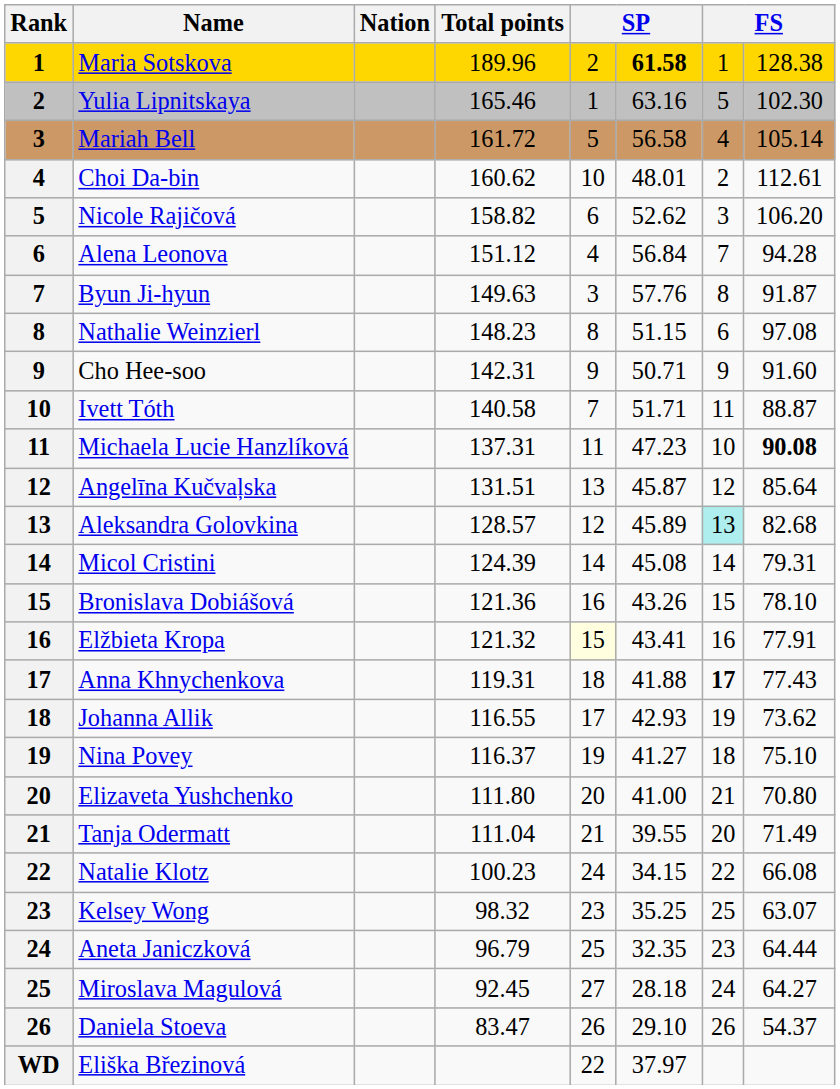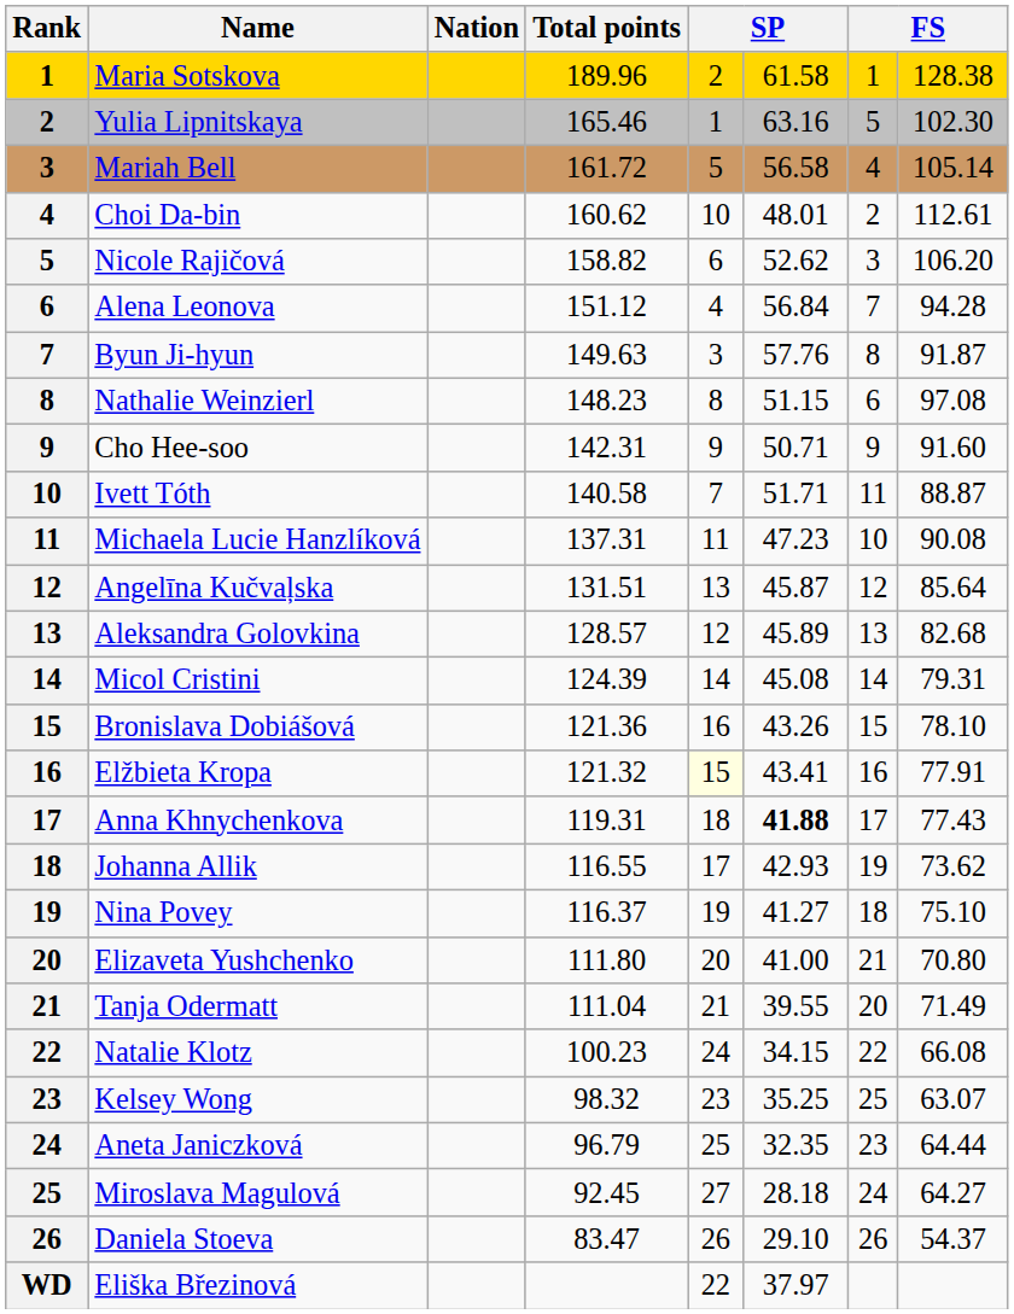 <table class="wikitable sortable">
 <tr>
 <th>Rank</th>
 <th>Name</th>
 <th>Nation</th>
 <th>Total points</th>
 <th colspan="2" width="80px"><a href='#'>SP</a></th>
 <th colspan="2" width="80px"><a href='#'>FS</a></th>
 </tr>
 <tr bgcolor="gold">
 <td align="center"><strong>1</strong></td>
 <td><a href='#'>Maria Sotskova</a></td>
 <td></td>
 <td align="center">189.96</td>
 <td align="center">2</td>
-<td align="center"><strong>61.58</strong></td>
+<td align="center">61.58</td>
 <td align="center">1</td>
 <td align="center">128.38</td>
 </tr>
 <tr bgcolor="silver">
 <td align="center"><strong>2</strong></td>
 <td><a href='#'>Yulia Lipnitskaya</a></td>
 <td></td>
 <td align="center">165.46</td>
 <td align="center">1</td>
 <td align="center">63.16</td>
 <td align="center">5</td>
 <td align="center">102.30</td>
 </tr>
 <tr bgcolor="cc9966">
 <td align="center"><strong>3</strong></td>
 <td><a href='#'>Mariah Bell</a></td>
 <td></td>
 <td align="center">161.72</td>
 <td align="center">5</td>
 <td align="center">56.58</td>
 <td align="center">4</td>
 <td align="center">105.14</td>
 </tr>
 <tr>
 <th>4</th>
 <td><a href='#'>Choi Da-bin</a></td>
 <td></td>
 <td align="center">160.62</td>
 <td align="center">10</td>
 <td align="center">48.01</td>
 <td align="center">2</td>
 <td align="center">112.61</td>
 </tr>
 <tr>
 <th>5</th>
 <td><a href='#'>Nicole Rajičová</a></td>
 <td></td>
 <td align="center">158.82</td>
 <td align="center">6</td>
 <td align="center">52.62</td>
 <td align="center">3</td>
 <td align="center">106.20</td>
 </tr>
 <tr>
 <th>6</th>
 <td><a href='#'>Alena Leonova</a></td>
 <td></td>
 <td align="center">151.12</td>
 <td align="center">4</td>
 <td align="center">56.84</td>
 <td align="center">7</td>
 <td align="center">94.28</td>
 </tr>
 <tr>
 <th>7</th>
 <td><a href='#'>Byun Ji-hyun</a></td>
 <td></td>
 <td align="center">149.63</td>
 <td align="center">3</td>
 <td align="center">57.76</td>
 <td align="center">8</td>
 <td align="center">91.87</td>
 </tr>
 <tr>
 <th>8</th>
 <td><a href='#'>Nathalie Weinzierl</a></td>
 <td></td>
 <td align="center">148.23</td>
 <td align="center">8</td>
 <td align="center">51.15</td>
 <td align="center">6</td>
 <td align="center">97.08</td>
 </tr>
 <tr>
 <th>9</th>
 <td>Cho Hee-soo</td>
 <td></td>
 <td align="center">142.31</td>
 <td align="center">9</td>
 <td align="center">50.71</td>
 <td align="center">9</td>
 <td align="center">91.60</td>
 </tr>
 <tr>
 <th>10</th>
 <td><a href='#'>Ivett Tóth</a></td>
 <td></td>
 <td align="center">140.58</td>
 <td align="center">7</td>
 <td align="center">51.71</td>
 <td align="center">11</td>
 <td align="center">88.87</td>
 </tr>
 <tr>
 <th>11</th>
 <td><a href='#'>Michaela Lucie Hanzlíková</a></td>
 <td></td>
 <td align="center">137.31</td>
 <td align="center">11</td>
 <td align="center">47.23</td>
 <td align="center">10</td>
-<td align="center"><strong>90.08</strong></td>
+<td align="center">90.08</td>
 </tr>
 <tr>
 <th>12</th>
 <td><a href='#'>Angelīna Kučvaļska</a></td>
 <td></td>
 <td align="center">131.51</td>
 <td align="center">13</td>
 <td align="center">45.87</td>
 <td align="center">12</td>
 <td align="center">85.64</td>
 </tr>
 <tr>
 <th>13</th>
 <td><a href='#'>Aleksandra Golovkina</a></td>
 <td></td>
 <td align="center">128.57</td>
 <td align="center">12</td>
 <td align="center">45.89</td>
-<td align="center" style="background: paleturquoise;">13</td>
+<td align="center">13</td>
 <td align="center">82.68</td>
 </tr>
 <tr>
 <th>14</th>
 <td><a href='#'>Micol Cristini</a></td>
 <td></td>
 <td align="center">124.39</td>
 <td align="center">14</td>
 <td align="center">45.08</td>
 <td align="center">14</td>
 <td align="center">79.31</td>
 </tr>
 <tr>
 <th>15</th>
 <td><a href='#'>Bronislava Dobiášová</a></td>
 <td></td>
 <td align="center">121.36</td>
 <td align="center">16</td>
 <td align="center">43.26</td>
 <td align="center">15</td>
 <td align="center">78.10</td>
 </tr>
 <tr>
 <th>16</th>
 <td><a href='#'>Elžbieta Kropa</a></td>
 <td></td>
 <td align="center">121.32</td>
 <td align="center" style="background: lightyellow;">15</td>
 <td align="center">43.41</td>
 <td align="center">16</td>
 <td align="center">77.91</td>
 </tr>
 <tr>
 <th>17</th>
 <td><a href='#'>Anna Khnychenkova</a></td>
 <td></td>
 <td align="center">119.31</td>
 <td align="center">18</td>
-<td align="center">41.88</td>
-<td align="center"><strong>17</strong></td>
+<td align="center"><strong>41.88</strong></td>
+<td align="center">17</td>
 <td align="center">77.43</td>
 </tr>
 <tr>
 <th>18</th>
 <td><a href='#'>Johanna Allik</a></td>
 <td></td>
 <td align="center">116.55</td>
 <td align="center">17</td>
 <td align="center">42.93</td>
 <td align="center">19</td>
 <td align="center">73.62</td>
 </tr>
 <tr>
 <th>19</th>
 <td><a href='#'>Nina Povey</a></td>
 <td></td>
 <td align="center">116.37</td>
 <td align="center">19</td>
 <td align="center">41.27</td>
 <td align="center">18</td>
 <td align="center">75.10</td>
 </tr>
 <tr>
 <th>20</th>
 <td><a href='#'>Elizaveta Yushchenko</a></td>
 <td></td>
 <td align="center">111.80</td>
 <td align="center">20</td>
 <td align="center">41.00</td>
 <td align="center">21</td>
 <td align="center">70.80</td>
 </tr>
 <tr>
 <th>21</th>
 <td><a href='#'>Tanja Odermatt</a></td>
 <td></td>
 <td align="center">111.04</td>
 <td align="center">21</td>
 <td align="center">39.55</td>
 <td align="center">20</td>
 <td align="center">71.49</td>
 </tr>
 <tr>
 <th>22</th>
 <td><a href='#'>Natalie Klotz</a></td>
 <td></td>
 <td align="center">100.23</td>
 <td align="center">24</td>
 <td align="center">34.15</td>
 <td align="center">22</td>
 <td align="center">66.08</td>
 </tr>
 <tr>
 <th>23</th>
 <td><a href='#'>Kelsey Wong</a></td>
 <td></td>
 <td align="center">98.32</td>
 <td align="center">23</td>
 <td align="center">35.25</td>
 <td align="center">25</td>
 <td align="center">63.07</td>
 </tr>
 <tr>
 <th>24</th>
 <td><a href='#'>Aneta Janiczková</a></td>
 <td></td>
 <td align="center">96.79</td>
 <td align="center">25</td>
 <td align="center">32.35</td>
 <td align="center">23</td>
 <td align="center">64.44</td>
 </tr>
 <tr>
 <th>25</th>
 <td><a href='#'>Miroslava Magulová</a></td>
 <td></td>
 <td align="center">92.45</td>
 <td align="center">27</td>
 <td align="center">28.18</td>
 <td align="center">24</td>
 <td align="center">64.27</td>
 </tr>
 <tr>
 <th>26</th>
 <td><a href='#'>Daniela Stoeva</a></td>
 <td></td>
 <td align="center">83.47</td>
 <td align="center">26</td>
 <td align="center">29.10</td>
 <td align="center">26</td>
 <td align="center">54.37</td>
 </tr>
 <tr>
 <th>WD</th>
 <td><a href='#'>Eliška Březinová</a></td>
 <td></td>
 <td></td>
 <td align="center">22</td>
 <td align="center">37.97</td>
 <td></td>
 <td></td>
 </tr>
 </table>
